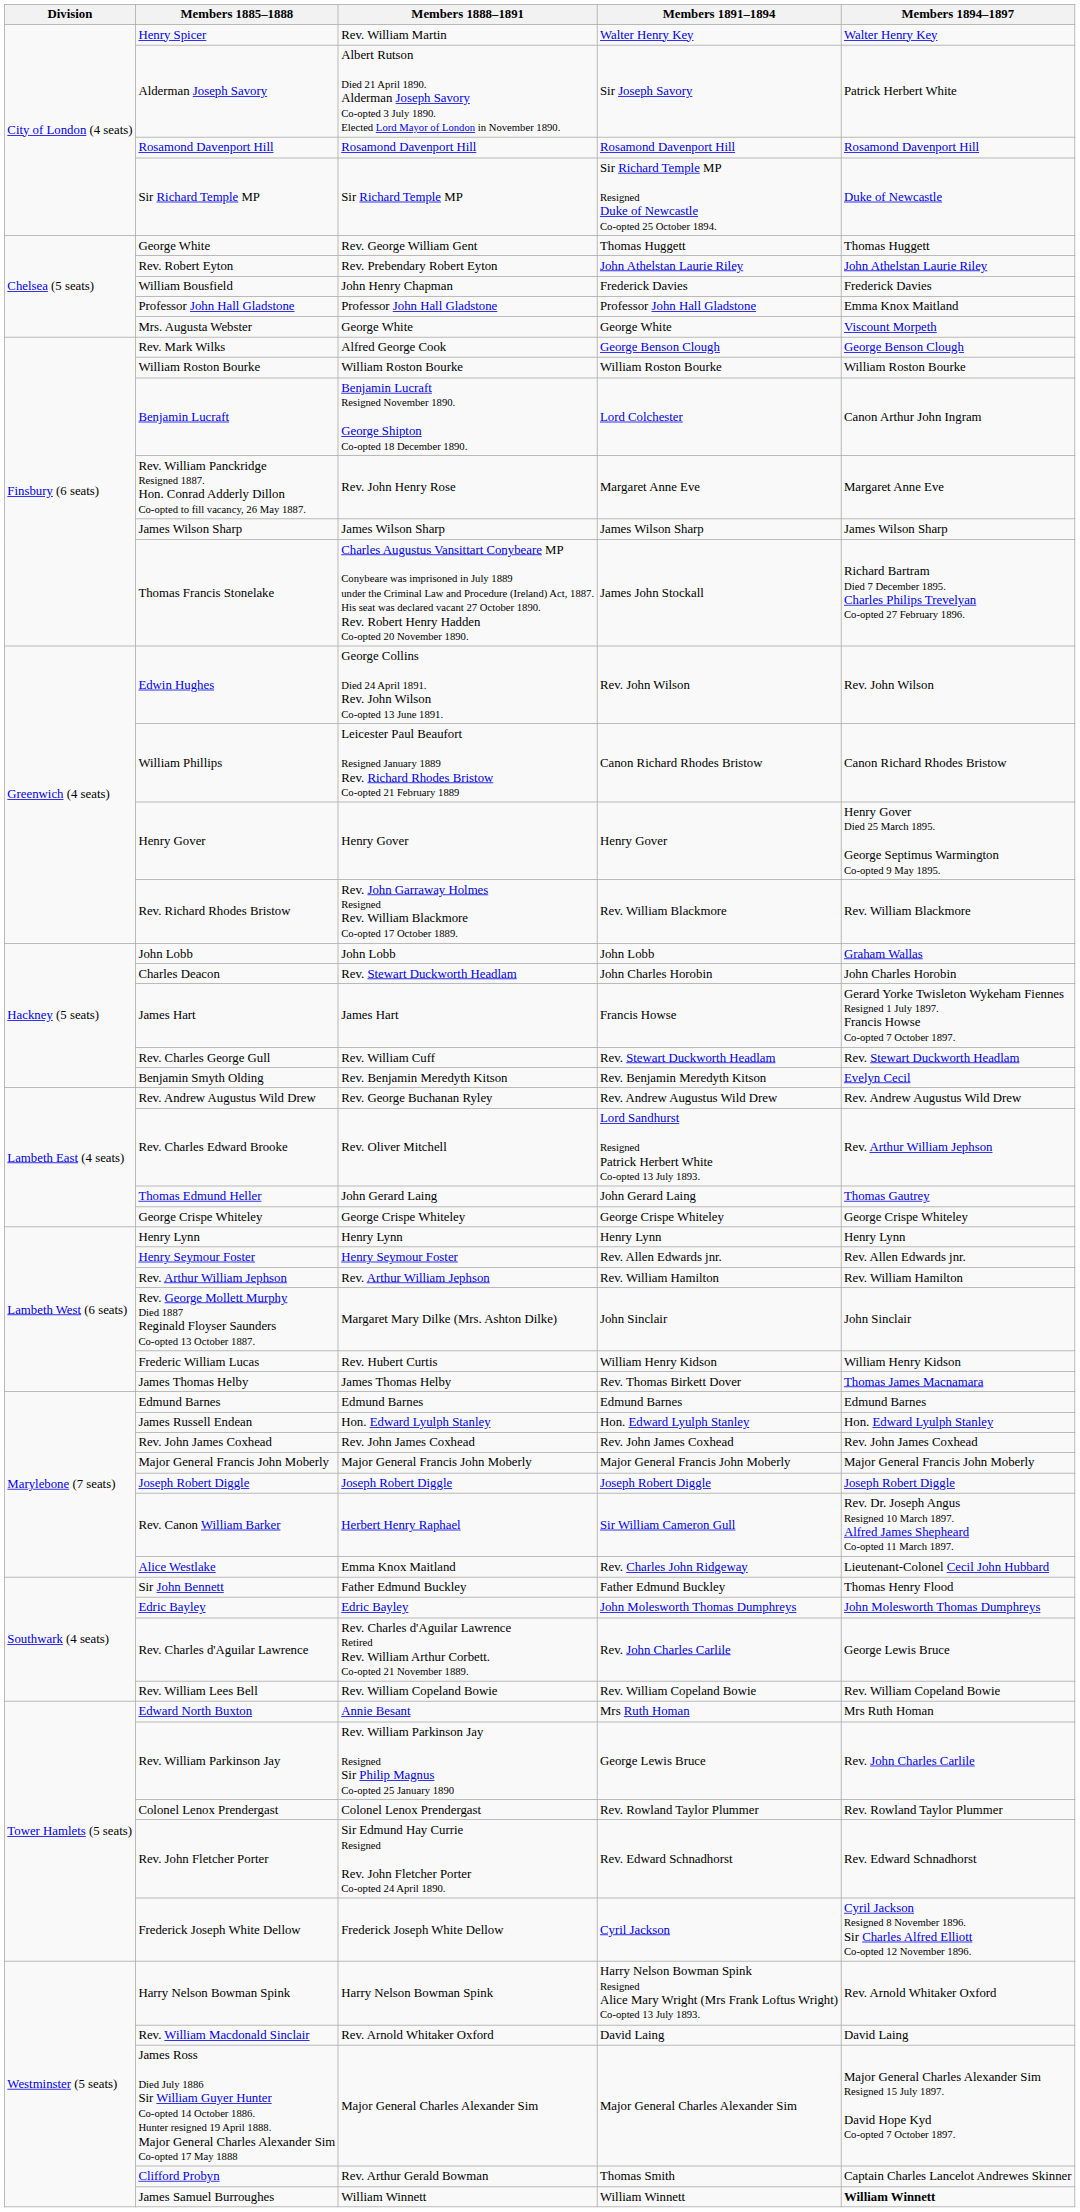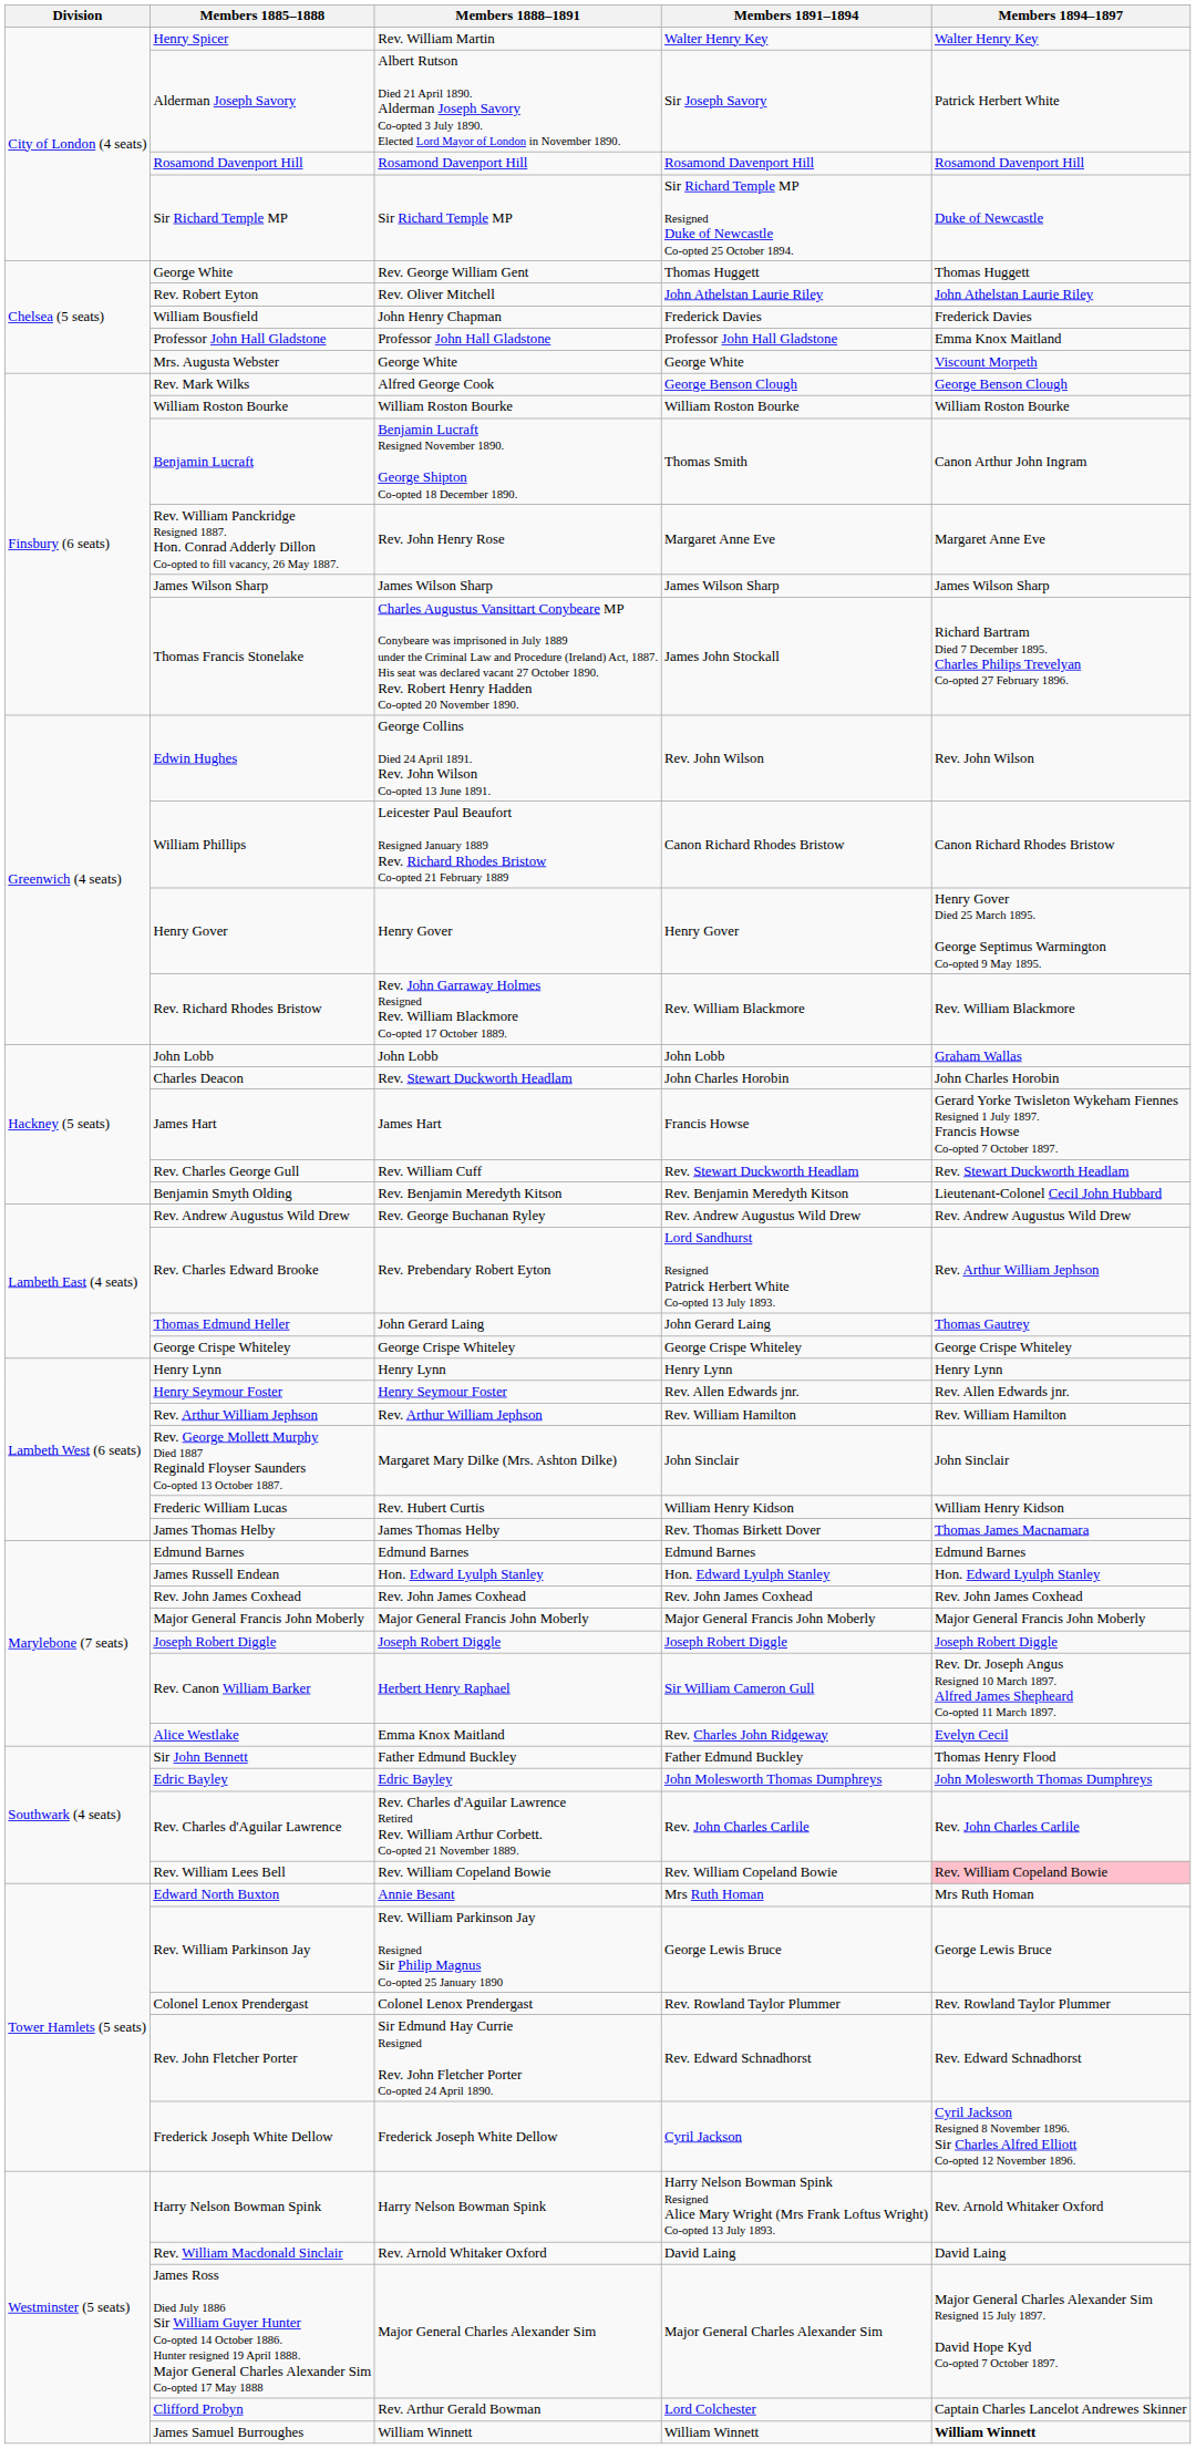 <table class="wikitable">
 <tr>
 <th>Division</th>
 <th>Members 1885–1888</th>
 <th>Members 1888–1891</th>
 <th>Members 1891–1894</th>
 <th>Members 1894–1897</th>
 </tr>
 <tr>
 <td rowspan="4"><a href='#'>City of London</a> (4 seats)</td>
 <td><a href='#'>Henry Spicer</a></td>
 <td>Rev. William Martin</td>
 <td><a href='#'>Walter Henry Key</a></td>
 <td><a href='#'>Walter Henry Key</a></td>
 </tr>
 <tr>
 <td>Alderman <a href='#'>Joseph Savory</a></td>
 <td>Albert Rutson<br><br><small>Died 21 April 1890.</small> <br> Alderman <a href='#'>Joseph Savory</a><br> <small>Co-opted 3 July 1890.</small><br> <small>Elected <a href='#'>Lord Mayor of London</a> in November 1890.</small></td>
 <td>Sir <a href='#'>Joseph Savory</a></td>
 <td>Patrick Herbert White</td>
 </tr>
 <tr>
 <td><a href='#'>Rosamond Davenport Hill</a></td>
 <td><a href='#'>Rosamond Davenport Hill</a></td>
 <td><a href='#'>Rosamond Davenport Hill</a></td>
 <td><a href='#'>Rosamond Davenport Hill</a></td>
 </tr>
 <tr>
 <td>Sir <a href='#'>Richard Temple</a> MP</td>
 <td>Sir <a href='#'>Richard Temple</a> MP</td>
 <td>Sir <a href='#'>Richard Temple</a> MP<br><br><small>Resigned</small> <br><a href='#'>Duke of Newcastle</a><br> <small>Co-opted 25 October 1894.</small></td>
 <td><a href='#'>Duke of Newcastle</a></td>
 </tr>
 <tr>
 <td rowspan="5"><a href='#'>Chelsea</a> (5 seats)</td>
 <td>George White</td>
 <td>Rev. George William Gent</td>
 <td>Thomas Huggett</td>
 <td>Thomas Huggett</td>
 </tr>
 <tr>
 <td>Rev. Robert Eyton</td>
-<td>Rev. Prebendary Robert Eyton</td>
+<td>Rev. Oliver Mitchell</td>
 <td><a href='#'>John Athelstan Laurie Riley</a></td>
 <td><a href='#'>John Athelstan Laurie Riley</a></td>
 </tr>
 <tr>
 <td>William Bousfield</td>
 <td>John Henry Chapman</td>
 <td>Frederick Davies</td>
 <td>Frederick Davies</td>
 </tr>
 <tr>
 <td>Professor <a href='#'>John Hall Gladstone</a></td>
 <td>Professor <a href='#'>John Hall Gladstone</a></td>
 <td>Professor <a href='#'>John Hall Gladstone</a></td>
 <td>Emma Knox Maitland</td>
 </tr>
 <tr>
 <td>Mrs. Augusta Webster</td>
 <td>George White</td>
 <td>George White</td>
 <td><a href='#'>Viscount Morpeth</a></td>
 </tr>
 <tr>
 <td rowspan="6"><a href='#'>Finsbury</a> (6 seats)</td>
 <td>Rev. Mark Wilks</td>
 <td>Alfred George Cook</td>
 <td><a href='#'>George Benson Clough</a></td>
 <td><a href='#'>George Benson Clough</a></td>
 </tr>
 <tr>
 <td>William Roston Bourke</td>
 <td>William Roston Bourke</td>
 <td>William Roston Bourke</td>
 <td>William Roston Bourke</td>
 </tr>
 <tr>
 <td><a href='#'>Benjamin Lucraft</a></td>
 <td><a href='#'>Benjamin Lucraft</a><br><small>Resigned November 1890.</small> <br><br><a href='#'>George Shipton</a> <br><small>Co-opted 18 December 1890.</small> <br></td>
-<td><a href='#'>Lord Colchester</a></td>
+<td>Thomas Smith</td>
 <td>Canon Arthur John Ingram</td>
 </tr>
 <tr>
 <td>Rev. William Panckridge<br><small>Resigned 1887.</small> <br>Hon. Conrad Adderly Dillon<br><small>Co-opted to fill vacancy, 26 May 1887.</small></td>
 <td>Rev. John Henry Rose</td>
 <td>Margaret Anne Eve</td>
 <td>Margaret Anne Eve</td>
 </tr>
 <tr>
 <td>James Wilson Sharp</td>
 <td>James Wilson Sharp</td>
 <td>James Wilson Sharp</td>
 <td>James Wilson Sharp</td>
 </tr>
 <tr>
 <td>Thomas Francis Stonelake</td>
 <td><a href='#'>Charles Augustus Vansittart Conybeare</a> MP<br><br><small>Conybeare was imprisoned in July 1889<br> under the Criminal Law and Procedure (Ireland) Act, 1887.<br> His seat was declared vacant 27 October 1890.</small> <br> Rev. Robert Henry Hadden<br><small>Co-opted 20 November 1890.</small></td>
 <td>James John Stockall</td>
 <td>Richard Bartram<small><br>Died 7 December 1895.</small><br><a href='#'>Charles Philips Trevelyan</a><small><br>Co-opted 27 February 1896.</small></td>
 </tr>
 <tr>
 <td rowspan="4"><a href='#'>Greenwich</a> (4 seats)</td>
 <td><a href='#'>Edwin Hughes</a></td>
 <td>George Collins<br><br><small>Died 24 April 1891.</small><br>  Rev. John Wilson<br> <small>Co-opted 13 June 1891.</small></td>
 <td>Rev. John Wilson</td>
 <td>Rev. John Wilson</td>
 </tr>
 <tr>
 <td>William Phillips</td>
 <td>Leicester Paul Beaufort<br><br><small>Resigned January 1889</small> <br> Rev. <a href='#'>Richard Rhodes Bristow</a><br> <small>Co-opted 21 February 1889</small></td>
 <td>Canon Richard Rhodes Bristow</td>
 <td>Canon Richard Rhodes Bristow</td>
 </tr>
 <tr>
 <td>Henry Gover</td>
 <td>Henry Gover</td>
 <td>Henry Gover</td>
 <td>Henry Gover<br> <small>Died 25 March 1895.</small><br> <br> George Septimus Warmington<small><br>Co-opted 9 May 1895.</small></td>
 </tr>
 <tr>
 <td>Rev. Richard Rhodes Bristow</td>
 <td>Rev. <a href='#'>John Garraway Holmes</a><br><small>Resigned</small><br>Rev. William Blackmore<br><small>Co-opted 17 October 1889.</small></td>
 <td>Rev. William Blackmore</td>
 <td>Rev. William Blackmore</td>
 </tr>
 <tr>
 <td rowspan="5"><a href='#'>Hackney</a> (5 seats)</td>
 <td>John Lobb</td>
 <td>John Lobb</td>
 <td>John Lobb</td>
 <td><a href='#'>Graham Wallas</a></td>
 </tr>
 <tr>
 <td>Charles Deacon</td>
 <td>Rev. <a href='#'>Stewart Duckworth Headlam</a></td>
 <td>John Charles Horobin</td>
 <td>John Charles Horobin</td>
 </tr>
 <tr>
 <td>James Hart</td>
 <td>James Hart</td>
 <td>Francis Howse</td>
 <td>Gerard Yorke Twisleton Wykeham Fiennes<small><br>Resigned 1 July 1897.</small><br>Francis Howse<small><br>Co-opted 7 October 1897.</small></td>
 </tr>
 <tr>
 <td>Rev. Charles George Gull</td>
 <td>Rev. William Cuff</td>
 <td>Rev. <a href='#'>Stewart Duckworth Headlam</a></td>
 <td>Rev. <a href='#'>Stewart Duckworth Headlam</a></td>
 </tr>
 <tr>
 <td>Benjamin Smyth Olding</td>
 <td>Rev. Benjamin Meredyth Kitson</td>
 <td>Rev. Benjamin Meredyth Kitson</td>
-<td><a href='#'>Evelyn Cecil</a></td>
+<td>Lieutenant-Colonel <a href='#'>Cecil John Hubbard</a></td>
 </tr>
 <tr>
 <td rowspan="4"><a href='#'>Lambeth East</a> (4 seats)</td>
 <td>Rev. Andrew Augustus Wild Drew</td>
 <td>Rev. George Buchanan Ryley</td>
 <td>Rev. Andrew Augustus Wild Drew</td>
 <td>Rev. Andrew Augustus Wild Drew</td>
 </tr>
 <tr>
 <td>Rev. Charles Edward Brooke</td>
-<td>Rev. Oliver Mitchell</td>
+<td>Rev. Prebendary Robert Eyton</td>
 <td><a href='#'>Lord Sandhurst</a><br><br><small>Resigned</small><br> Patrick Herbert White<br> <small>Co-opted 13 July 1893.</small></td>
 <td>Rev. <a href='#'>Arthur William Jephson</a></td>
 </tr>
 <tr>
 <td><a href='#'>Thomas Edmund Heller</a></td>
 <td>John Gerard Laing</td>
 <td>John Gerard Laing</td>
 <td><a href='#'>Thomas Gautrey</a></td>
 </tr>
 <tr>
 <td>George Crispe Whiteley</td>
 <td>George Crispe Whiteley</td>
 <td>George Crispe Whiteley</td>
 <td>George Crispe Whiteley</td>
 </tr>
 <tr>
 <td rowspan="6"><a href='#'>Lambeth West</a> (6 seats)</td>
 <td>Henry Lynn</td>
 <td>Henry Lynn</td>
 <td>Henry Lynn</td>
 <td>Henry Lynn</td>
 </tr>
 <tr>
 <td><a href='#'>Henry Seymour Foster</a></td>
 <td><a href='#'>Henry Seymour Foster</a></td>
 <td>Rev. Allen Edwards jnr.</td>
 <td>Rev. Allen Edwards jnr.</td>
 </tr>
 <tr>
 <td>Rev. <a href='#'>Arthur William Jephson</a></td>
 <td>Rev. <a href='#'>Arthur William Jephson</a></td>
 <td>Rev. William Hamilton</td>
 <td>Rev. William Hamilton</td>
 </tr>
 <tr>
 <td>Rev. <a href='#'>George Mollett Murphy</a><small><br>Died 1887</small><br>Reginald Floyser Saunders<small><br>Co-opted 13 October 1887.</small></td>
 <td>Margaret Mary Dilke (Mrs. Ashton Dilke)</td>
 <td>John Sinclair</td>
 <td>John Sinclair</td>
 </tr>
 <tr>
 <td>Frederic William Lucas</td>
 <td>Rev. Hubert Curtis</td>
 <td>William Henry Kidson</td>
 <td>William Henry Kidson</td>
 </tr>
 <tr>
 <td>James Thomas Helby</td>
 <td>James Thomas Helby</td>
 <td>Rev. Thomas Birkett Dover</td>
 <td><a href='#'>Thomas James Macnamara</a></td>
 </tr>
 <tr>
 <td rowspan="7"><a href='#'>Marylebone</a> (7 seats)</td>
 <td>Edmund Barnes</td>
 <td>Edmund Barnes</td>
 <td>Edmund Barnes</td>
 <td>Edmund Barnes</td>
 </tr>
 <tr>
 <td>James Russell Endean</td>
 <td>Hon. <a href='#'>Edward Lyulph Stanley</a></td>
 <td>Hon. <a href='#'>Edward Lyulph Stanley</a></td>
 <td>Hon. <a href='#'>Edward Lyulph Stanley</a></td>
 </tr>
 <tr>
 <td>Rev. John James Coxhead</td>
 <td>Rev. John James Coxhead</td>
 <td>Rev. John James Coxhead</td>
 <td>Rev. John James Coxhead</td>
 </tr>
 <tr>
 <td>Major General Francis John Moberly</td>
 <td>Major General Francis John Moberly</td>
 <td>Major General Francis John Moberly</td>
 <td>Major General Francis John Moberly</td>
 </tr>
 <tr>
 <td><a href='#'>Joseph Robert Diggle</a></td>
 <td><a href='#'>Joseph Robert Diggle</a></td>
 <td><a href='#'>Joseph Robert Diggle</a></td>
 <td><a href='#'>Joseph Robert Diggle</a></td>
 </tr>
 <tr>
 <td>Rev. Canon <a href='#'>William Barker</a></td>
 <td><a href='#'>Herbert Henry Raphael</a></td>
 <td><a href='#'>Sir William Cameron Gull</a></td>
 <td>Rev. Dr. Joseph Angus<small><br>Resigned 10 March 1897.</small><br><a href='#'>Alfred James Shepheard</a><small><br>Co-opted 11 March 1897.</small></td>
 </tr>
 <tr>
 <td><a href='#'>Alice Westlake</a></td>
 <td>Emma Knox Maitland</td>
 <td>Rev. <a href='#'>Charles John Ridgeway</a></td>
-<td>Lieutenant-Colonel <a href='#'>Cecil John Hubbard</a></td>
+<td><a href='#'>Evelyn Cecil</a></td>
 </tr>
 <tr>
 <td rowspan="4"><a href='#'>Southwark</a> (4 seats)</td>
 <td>Sir <a href='#'>John Bennett</a></td>
 <td>Father Edmund Buckley</td>
 <td>Father Edmund Buckley</td>
 <td>Thomas Henry Flood</td>
 </tr>
 <tr>
 <td><a href='#'>Edric Bayley</a></td>
 <td><a href='#'>Edric Bayley</a></td>
 <td><a href='#'>John Molesworth Thomas Dumphreys</a></td>
 <td><a href='#'>John Molesworth Thomas Dumphreys</a></td>
 </tr>
 <tr>
 <td>Rev. Charles d'Aguilar Lawrence</td>
 <td>Rev. Charles d'Aguilar Lawrence<br><small>Retired</small><br>Rev. William Arthur Corbett.<br><small>Co-opted 21 November 1889.</small></td>
 <td>Rev. <a href='#'>John Charles Carlile</a></td>
-<td>George Lewis Bruce</td>
+<td>Rev. <a href='#'>John Charles Carlile</a></td>
 </tr>
 <tr>
 <td>Rev. William Lees Bell</td>
 <td>Rev. William Copeland Bowie</td>
 <td>Rev. William Copeland Bowie</td>
-<td>Rev. William Copeland Bowie</td>
+<td style="background: pink;">Rev. William Copeland Bowie</td>
 </tr>
 <tr>
 <td rowspan="5"><a href='#'>Tower Hamlets</a> (5 seats)</td>
 <td><a href='#'>Edward North Buxton</a></td>
 <td><a href='#'>Annie Besant</a></td>
 <td>Mrs <a href='#'>Ruth Homan</a></td>
 <td>Mrs Ruth Homan</td>
 </tr>
 <tr>
 <td>Rev. William Parkinson Jay</td>
 <td>Rev. William Parkinson Jay<br><br><small>Resigned</small><br> Sir <a href='#'>Philip Magnus</a><br><small> Co-opted 25 January 1890</small></td>
 <td>George Lewis Bruce</td>
-<td>Rev. <a href='#'>John Charles Carlile</a></td>
+<td>George Lewis Bruce</td>
 </tr>
 <tr>
 <td>Colonel Lenox Prendergast</td>
 <td>Colonel Lenox Prendergast</td>
 <td>Rev. Rowland Taylor Plummer</td>
 <td>Rev. Rowland Taylor Plummer</td>
 </tr>
 <tr>
 <td>Rev. John Fletcher Porter</td>
 <td>Sir Edmund Hay Currie<br><small>Resigned<br></small><br>Rev. John Fletcher Porter<br><small>Co-opted 24 April 1890.</small></td>
 <td>Rev. Edward Schnadhorst</td>
 <td>Rev. Edward Schnadhorst</td>
 </tr>
 <tr>
 <td>Frederick Joseph White Dellow</td>
 <td>Frederick Joseph White Dellow</td>
 <td><a href='#'>Cyril Jackson</a></td>
 <td><a href='#'>Cyril Jackson</a><small><br>Resigned 8 November 1896.</small><br>Sir <a href='#'>Charles Alfred Elliott</a><small><br>Co-opted 12 November 1896.</small></td>
 </tr>
 <tr>
 <td rowspan="5"><a href='#'>Westminster</a> (5 seats)</td>
 <td>Harry Nelson Bowman Spink</td>
 <td>Harry Nelson Bowman Spink</td>
 <td>Harry Nelson Bowman Spink<small><br>Resigned</small><br>Alice Mary Wright (Mrs Frank Loftus Wright)<br><small>Co-opted 13 July 1893.</small></td>
 <td>Rev. Arnold Whitaker Oxford</td>
 </tr>
 <tr>
 <td>Rev. <a href='#'>William Macdonald Sinclair</a></td>
 <td>Rev. Arnold Whitaker Oxford</td>
 <td>David Laing</td>
 <td>David Laing</td>
 </tr>
 <tr>
 <td>James Ross<br><br><small>Died July 1886</small><br> Sir <a href='#'>William Guyer Hunter</a><br><small>Co-opted 14 October 1886.</small> <br><small>Hunter resigned 19 April 1888.</small> <br>Major General Charles Alexander Sim  <br><small>Co-opted 17 May 1888</small></td>
 <td>Major General Charles Alexander Sim</td>
 <td>Major General Charles Alexander Sim</td>
 <td>Major General Charles Alexander Sim<small><br>Resigned 15 July 1897.</small><br><br>David Hope Kyd<small><br>Co-opted 7 October 1897.</small></td>
 </tr>
 <tr>
 <td><a href='#'>Clifford Probyn</a></td>
 <td>Rev. Arthur Gerald Bowman</td>
-<td>Thomas Smith</td>
+<td><a href='#'>Lord Colchester</a></td>
 <td>Captain Charles Lancelot Andrewes Skinner</td>
 </tr>
 <tr>
 <td>James Samuel Burroughes</td>
 <td>William Winnett</td>
 <td>William Winnett</td>
 <td><strong>William Winnett</strong></td>
 </tr>
 </table>
